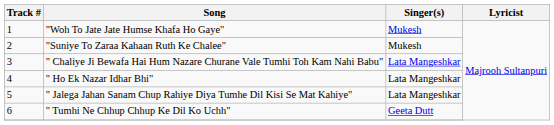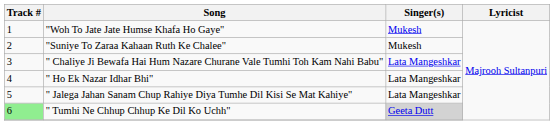 <table class="wikitable">
 <tr>
 <th>Track #</th>
 <th>Song</th>
 <th>Singer(s)</th>
 <th>Lyricist</th>
 </tr>
 <tr>
 <td>1</td>
 <td>"Woh To Jate Jate Humse Khafa Ho Gaye"</td>
 <td><a href='#'>Mukesh</a></td>
 <td rowspan="8"><a href='#'>Majrooh Sultanpuri</a></td>
 </tr>
 <tr>
 <td>2</td>
 <td>"Suniye To Zaraa Kahaan Ruth Ke Chalee"</td>
 <td>Mukesh</td>
 </tr>
 <tr>
 <td>3</td>
 <td>" Chaliye Ji Bewafa Hai Hum Nazare Churane Vale Tumhi Toh Kam Nahi Babu"</td>
 <td><a href='#'>Lata Mangeshkar</a></td>
 </tr>
 <tr>
 <td>4</td>
 <td>" Ho Ek Nazar Idhar Bhi"</td>
 <td>Lata Mangeshkar</td>
 </tr>
 <tr>
 <td>5</td>
 <td>" Jalega Jahan Sanam Chup Rahiye Diya Tumhe Dil Kisi Se Mat Kahiye"</td>
 <td>Lata Mangeshkar</td>
 </tr>
 <tr>
-<td>6</td>
+<td style="background: lightgreen;">6</td>
 <td>" Tumhi Ne Chhup Chhup Ke Dil Ko Uchh"</td>
-<td><a href='#'>Geeta Dutt</a></td>
+<td style="background: lightgrey;"><a href='#'>Geeta Dutt</a></td>
 </tr>
 <tr>
 </tr>
 </table>
